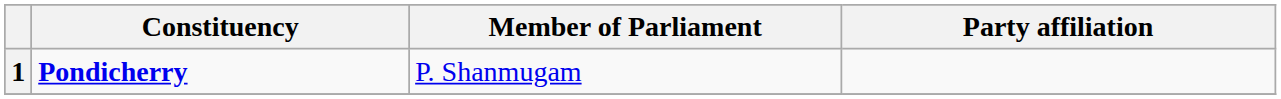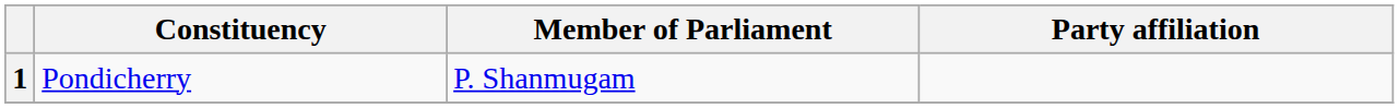 <table class="wikitable sortable">
 <tr style="text-align:center;">
 <th></th>
 <th style="width:13em">Constituency</th>
 <th style="width:15em">Member of Parliament</th>
 <th colspan="2" style="width:15em">Party affiliation</th>
 </tr>
 <tr>
 <th>1</th>
-<td><strong><a href='#'>Pondicherry</a></strong></td>
+<td><a href='#'>Pondicherry</a></td>
 <td><a href='#'>P. Shanmugam</a></td>
 <td></td>
 </tr>
 <tr>
 </tr>
 </table>
